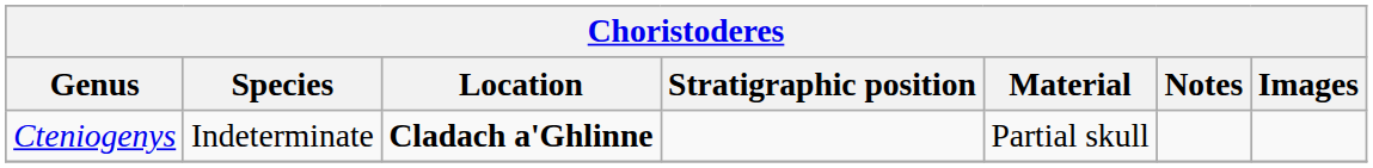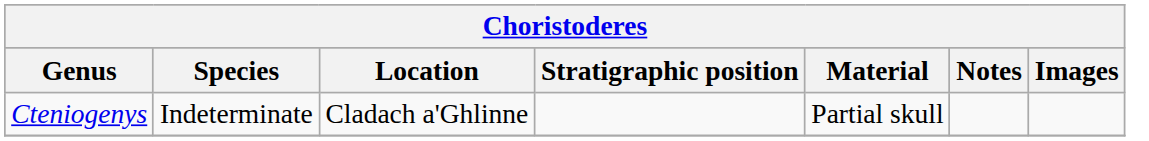 <table class="wikitable" align="center">
 <tr>
 <th colspan="7" align="center"><a href='#'>Choristoderes</a></th>
 </tr>
 <tr>
 <th>Genus</th>
 <th>Species</th>
 <th>Location</th>
 <th>Stratigraphic position</th>
 <th>Material</th>
 <th>Notes</th>
 <th>Images</th>
 </tr>
 <tr>
 <td><em><a href='#'>Cteniogenys</a></em></td>
 <td>Indeterminate</td>
-<td><strong>Cladach a'Ghlinne</strong></td>
+<td>Cladach a'Ghlinne</td>
 <td></td>
 <td>Partial skull</td>
 <td></td>
 <td></td>
 </tr>
 <tr>
 </tr>
 </table>
